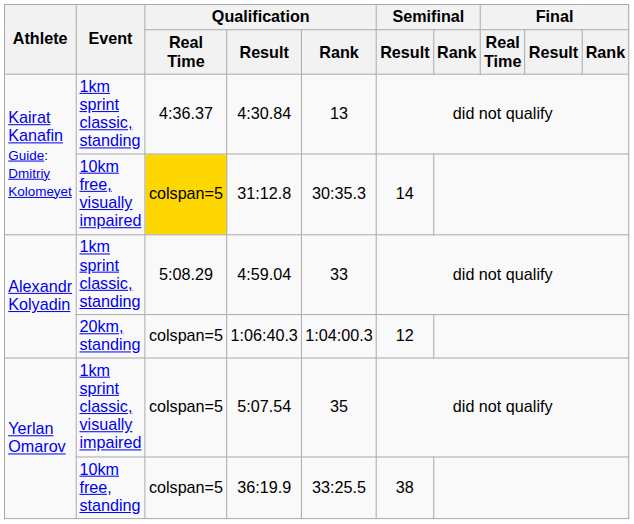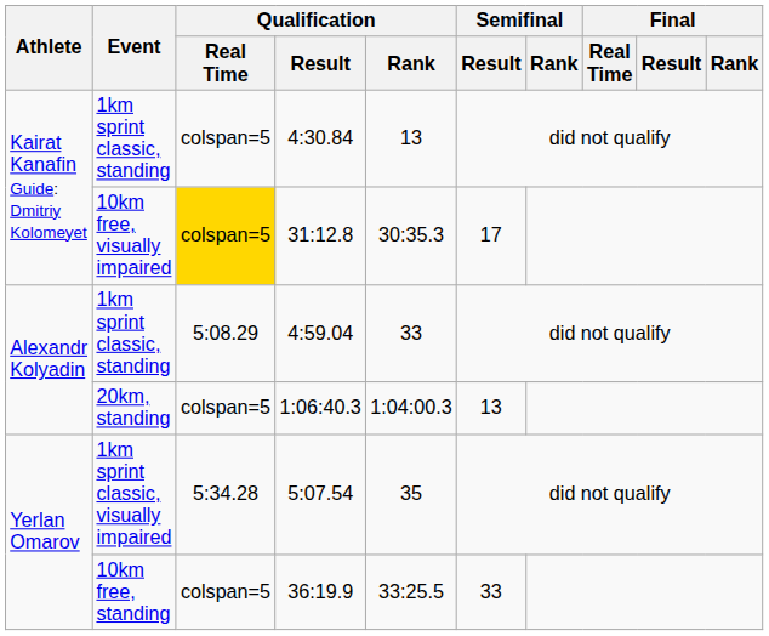 <table class="wikitable" style="font-size:100%">
 <tr>
 <th rowspan="2">Athlete</th>
 <th rowspan="2">Event</th>
 <th colspan="3">Qualification</th>
 <th colspan="2">Semifinal</th>
 <th colspan="3">Final</th>
 </tr>
 <tr>
 <th>Real Time</th>
 <th>Result</th>
 <th>Rank</th>
 <th>Result</th>
 <th>Rank</th>
 <th>Real Time</th>
 <th>Result</th>
 <th>Rank</th>
 </tr>
 <tr>
 <td rowspan=2><a href='#'>Kairat Kanafin</a><br><small><a href='#'>Guide</a>: <a href='#'>Dmitriy Kolomeyet</a></small></td>
 <td><a href='#'>1km sprint classic, standing</a></td>
-<td align="center">4:36.37</td>
+<td>colspan=5 </td>
 <td align="center">4:30.84</td>
 <td align="center">13</td>
 <td colspan=5 align="center">did not qualify</td>
 </tr>
 <tr>
 <td><a href='#'>10km free, visually impaired</a></td>
 <td style="background: gold;">colspan=5 </td>
 <td align="center">31:12.8</td>
 <td align="center">30:35.3</td>
-<td align="center">14</td>
+<td align="center">17</td>
 </tr>
 <tr>
 <td rowspan=2><a href='#'>Alexandr Kolyadin</a></td>
 <td><a href='#'>1km sprint classic, standing</a></td>
 <td align="center">5:08.29</td>
 <td align="center">4:59.04</td>
 <td align="center">33</td>
 <td colspan=5 align="center">did not qualify</td>
 </tr>
 <tr>
 <td><a href='#'>20km, standing</a></td>
 <td>colspan=5 </td>
 <td align="center">1:06:40.3</td>
 <td align="center">1:04:00.3</td>
-<td align="center">12</td>
+<td align="center">13</td>
 </tr>
 <tr>
 <td rowspan=2><a href='#'>Yerlan Omarov</a></td>
 <td><a href='#'>1km sprint classic, visually impaired</a></td>
-<td>colspan=5 </td>
+<td align="center">5:34.28</td>
 <td align="center">5:07.54</td>
 <td align="center">35</td>
 <td colspan=5 align="center">did not qualify</td>
 </tr>
 <tr>
 <td><a href='#'>10km free, standing</a></td>
 <td>colspan=5 </td>
 <td align="center">36:19.9</td>
 <td align="center">33:25.5</td>
-<td align="center">38</td>
+<td align="center">33</td>
 </tr>
 </table>
